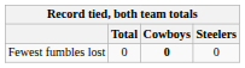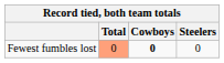 <table class="wikitable">
 <tr>
 <th colspan=4>Record tied, both team totals</th>
 </tr>
 <tr>
 <th></th>
 <th>Total</th>
 <th>Cowboys</th>
 <th>Steelers</th>
 </tr>
 <tr align=center>
 <td align=left>Fewest fumbles lost</td>
-<td>0</td>
+<td style="background: lightsalmon;">0</td>
 <td><strong>0</strong></td>
 <td>0</td>
 </tr>
 </table>
